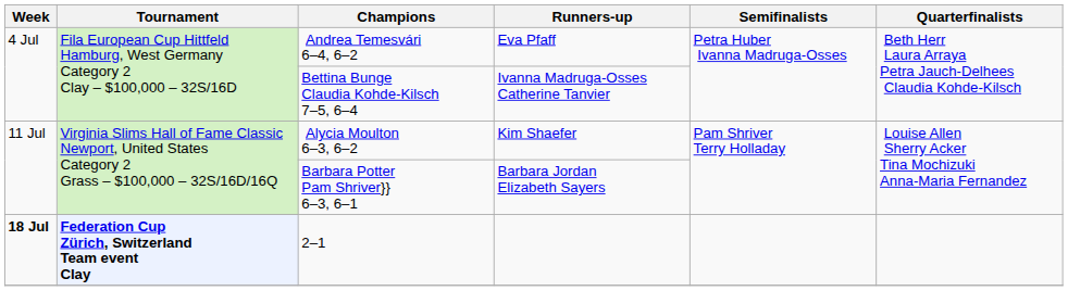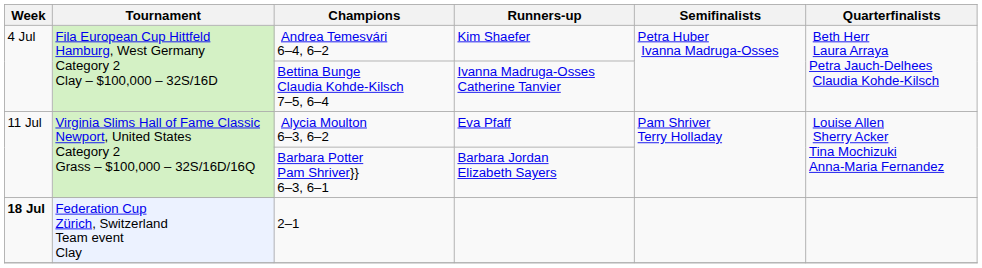 <table class=wikitable style=font-size:95%>
 <tr>
 <th style="width:48px;">Week</th>
 <th style="width:248px;">Tournament</th>
 <th style="width:200px;">Champions</th>
 <th style="width:200px;">Runners-up</th>
 <th style="width:190px;">Semifinalists</th>
 <th style="width:190px;">Quarterfinalists</th>
 </tr>
 <tr valign="top">
 <td rowspan=2>4 Jul</td>
 <td rowspan=2 style="background:#d4f1c5;"><a href='#'>Fila European Cup Hittfeld</a><br> <a href='#'>Hamburg</a>, West Germany<br>Category 2 <br>Clay – $100,000 – 32S/16D</td>
 <td> <a href='#'>Andrea Temesvári</a><br>6–4, 6–2</td>
-<td> <a href='#'>Eva Pfaff</a></td>
+<td> <a href='#'>Kim Shaefer</a></td>
 <td rowspan=2> <a href='#'>Petra Huber</a><br> <a href='#'>Ivanna Madruga-Osses</a><br></td>
 <td rowspan=2> <a href='#'>Beth Herr</a><br> <a href='#'>Laura Arraya</a><br>  <a href='#'>Petra Jauch-Delhees</a> <br>  <a href='#'>Claudia Kohde-Kilsch</a><br></td>
 </tr>
 <tr valign="top">
 <td> <a href='#'>Bettina Bunge</a> <br>  <a href='#'>Claudia Kohde-Kilsch</a> <br> 7–5, 6–4</td>
 <td> <a href='#'>Ivanna Madruga-Osses</a><br> <a href='#'>Catherine Tanvier</a></td>
 </tr>
 <tr valign="top">
 <td rowspan=2>11 Jul</td>
 <td rowspan=2 style="background:#d4f1c5;"><a href='#'>Virginia Slims Hall of Fame Classic</a><br> <a href='#'>Newport</a>, United States<br>Category 2 <br>Grass – $100,000 – 32S/16D/16Q</td>
 <td> <a href='#'>Alycia Moulton</a><br>6–3, 6–2</td>
-<td> <a href='#'>Kim Shaefer</a></td>
+<td> <a href='#'>Eva Pfaff</a></td>
 <td rowspan=2> <a href='#'>Pam Shriver</a><br> <a href='#'>Terry Holladay</a><br></td>
 <td rowspan=2> <a href='#'>Louise Allen</a><br> <a href='#'>Sherry Acker</a><br>  <a href='#'>Tina Mochizuki</a> <br>  <a href='#'>Anna-Maria Fernandez</a><br></td>
 </tr>
 <tr valign="top">
 <td> <a href='#'>Barbara Potter</a> <br>  <a href='#'>Pam Shriver</a>}}<br> 6–3, 6–1</td>
 <td> <a href='#'>Barbara Jordan</a> <br>  <a href='#'>Elizabeth Sayers</a></td>
 </tr>
 <tr valign=top>
 <td rowspan=1><strong>18 Jul</strong></td>
-<td style="background:#ECF2FF;"><strong><a href='#'>Federation Cup</a><br> <a href='#'>Zürich</a>, Switzerland<br>Team event<br>Clay<br></strong></td>
+<td style="background:#ECF2FF;"><a href='#'>Federation Cup</a><br> <a href='#'>Zürich</a>, Switzerland<br>Team event<br>Clay<br></td>
 <td> <br> 2–1</td>
 <td> <br></td>
 <td> <br> <br></td>
 <td> <br> <br> <br></td>
 </tr>
 <tr valign="top">
 </tr>
 </table>
